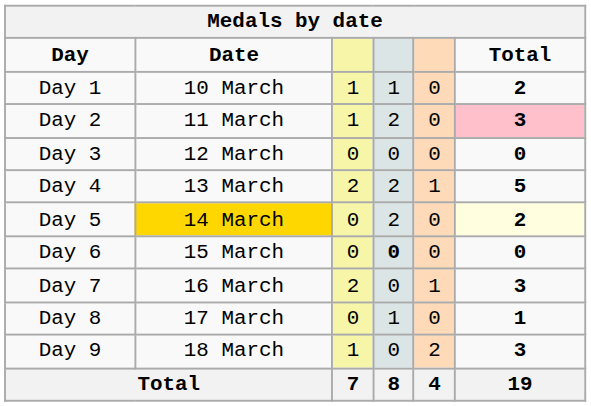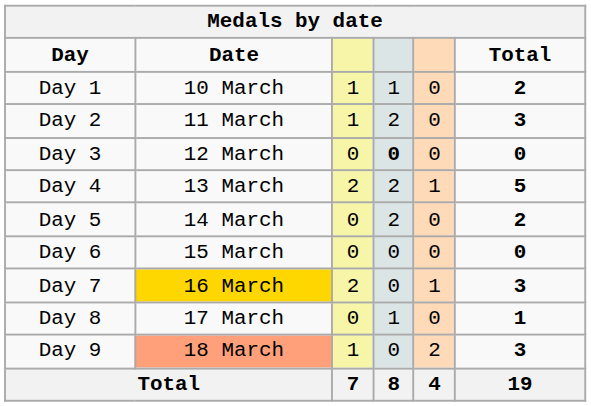 <table class=wikitable style="font-size:85%; float:right; clear:right; min-width:308px">
 <tr>
 <th colspan=6>Medals by date</th>
 </tr>
 <tr align="center">
 <td><strong>Day</strong></td>
 <td><strong>Date</strong></td>
 <td bgcolor=#F7F6A8></td>
 <td bgcolor=#DCE5E5></td>
 <td bgcolor=#FFDAB9></td>
 <td><strong>Total</strong></td>
 </tr>
 <tr align="center">
 <td>Day 1</td>
 <td>10 March</td>
 <td bgcolor=#F7F6A8>1</td>
 <td bgcolor=#DCE5E5>1</td>
 <td bgcolor=#FFDAB9>0</td>
 <td><strong>2</strong></td>
 </tr>
 <tr align="center">
 <td>Day 2</td>
 <td>11 March</td>
 <td bgcolor=#F7F6A8>1</td>
 <td bgcolor=#DCE5E5>2</td>
 <td bgcolor=#FFDAB9>0</td>
-<td style="background: pink;"><strong>3</strong></td>
+<td><strong>3</strong></td>
 </tr>
 <tr align="center">
 <td>Day 3</td>
 <td>12 March</td>
 <td bgcolor=#F7F6A8>0</td>
-<td bgcolor=#DCE5E5>0</td>
+<td bgcolor=#DCE5E5><strong>0</strong></td>
 <td bgcolor=#FFDAB9>0</td>
 <td><strong>0</strong></td>
 </tr>
 <tr align="center">
 <td>Day 4</td>
 <td>13 March</td>
 <td bgcolor=#F7F6A8>2</td>
 <td bgcolor=#DCE5E5>2</td>
 <td bgcolor=#FFDAB9>1</td>
 <td><strong>5</strong></td>
 </tr>
 <tr align="center">
 <td>Day 5</td>
-<td style="background: gold;">14 March</td>
+<td>14 March</td>
 <td bgcolor=#F7F6A8>0</td>
 <td bgcolor=#DCE5E5>2</td>
 <td bgcolor=#FFDAB9>0</td>
-<td style="background: lightyellow;"><strong>2</strong></td>
+<td><strong>2</strong></td>
 </tr>
 <tr align="center">
 <td>Day 6</td>
 <td>15 March</td>
 <td bgcolor=#F7F6A8>0</td>
-<td bgcolor=#DCE5E5><strong>0</strong></td>
+<td bgcolor=#DCE5E5>0</td>
 <td bgcolor=#FFDAB9>0</td>
 <td><strong>0</strong></td>
 </tr>
 <tr align="center">
 <td>Day 7</td>
-<td>16 March</td>
+<td style="background: gold;">16 March</td>
 <td bgcolor=#F7F6A8>2</td>
 <td bgcolor=#DCE5E5>0</td>
 <td bgcolor=#FFDAB9>1</td>
 <td><strong>3</strong></td>
 </tr>
 <tr align="center">
 <td>Day 8</td>
 <td>17 March</td>
 <td bgcolor=#F7F6A8>0</td>
 <td bgcolor=#DCE5E5>1</td>
 <td bgcolor=#FFDAB9>0</td>
 <td><strong>1</strong></td>
 </tr>
 <tr align="center">
 <td>Day 9</td>
-<td>18 March</td>
+<td style="background: lightsalmon;">18 March</td>
 <td bgcolor=#F7F6A8>1</td>
 <td bgcolor=#DCE5E5>0</td>
 <td bgcolor=#FFDAB9>2</td>
 <td><strong>3</strong></td>
 </tr>
 <tr align="center">
 <th colspan=2>Total</th>
 <th bgcolor=gold>7</th>
 <th bgcolor=silver>8</th>
 <th bgcolor=#C96>4</th>
 <th>19</th>
 </tr>
 </table>
